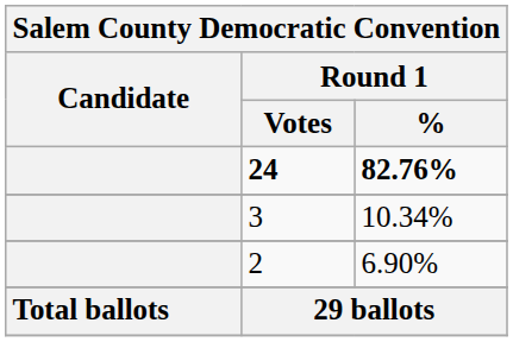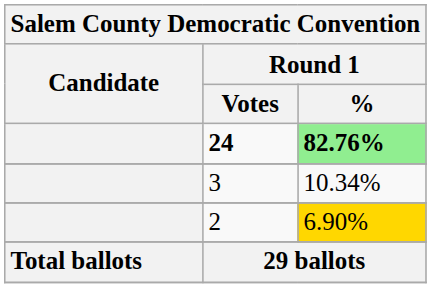 <table class="wikitable sortable">
 <tr>
 <th colspan=" 19 ">Salem County Democratic Convention</th>
 </tr>
 <tr style="background:#eee; text-align:center;">
 <th rowspan=2 style="text-align:center;">Candidate</th>
 <th colspan=2 style="text-align:center;">Round 1</th>
 </tr>
 <tr>
 <th>Votes</th>
 <th>%</th>
 </tr>
 <tr>
 <th scope="row" style="text-align:left;"></th>
 <td><strong>24</strong></td>
-<td><strong>82.76%</strong></td>
+<td style="background: lightgreen;"><strong>82.76%</strong></td>
 </tr>
 <tr>
 </tr>
 <tr>
 </tr>
 <tr>
 <th scope="row" style="text-align:left;"></th>
 <td>3</td>
 <td>10.34%</td>
 </tr>
 <tr>
 </tr>
 <tr>
 </tr>
 <tr>
 <th scope="row" style="text-align:left;"></th>
 <td>2</td>
-<td>6.90%</td>
+<td style="background: gold;">6.90%</td>
 </tr>
 <tr>
 </tr>
 <tr>
 </tr>
 <tr>
 <th scope="row" style="text-align:left;">Total ballots</th>
 <th colspan="2">29 ballots</th>
 </tr>
 <tr>
 </tr>
 </table>
